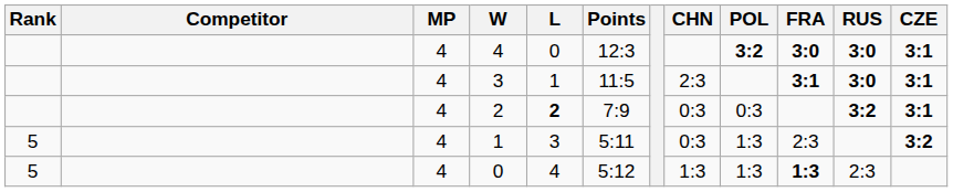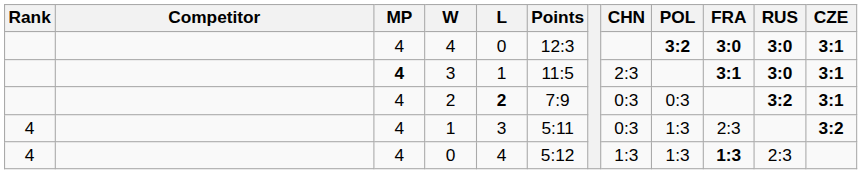 <table class="wikitable" style="text-align:center">
 <tr>
 <th>Rank</th>
 <th style="width:18em">Competitor</th>
 <th style="width:2.5em">MP</th>
 <th style="width:2.5em">W</th>
 <th style="width:2.5em">L</th>
 <th>Points</th>
 <th rowspan="6"> </th>
 <th style="width:2.5em">CHN</th>
 <th style="width:2.5em">POL</th>
 <th style="width:2.5em">FRA</th>
 <th style="width:2.5em">RUS</th>
 <th style="width:2.5em">CZE</th>
 </tr>
 <tr>
 <td></td>
 <td style="text-align:left"></td>
 <td>4</td>
 <td>4</td>
 <td>0</td>
 <td>12:3</td>
 <td></td>
 <td><strong>3:2</strong></td>
 <td><strong>3:0</strong></td>
 <td><strong>3:0</strong></td>
 <td><strong>3:1</strong></td>
 </tr>
 <tr>
 <td></td>
 <td style="text-align:left"></td>
-<td>4</td>
+<td><strong>4</strong></td>
 <td>3</td>
 <td>1</td>
 <td>11:5</td>
 <td>2:3</td>
 <td></td>
 <td><strong>3:1</strong></td>
 <td><strong>3:0</strong></td>
 <td><strong>3:1</strong></td>
 </tr>
 <tr>
 <td></td>
 <td style="text-align:left"></td>
 <td>4</td>
 <td>2</td>
 <td><strong>2</strong></td>
 <td>7:9</td>
 <td>0:3</td>
 <td>0:3</td>
 <td></td>
 <td><strong>3:2</strong></td>
 <td><strong>3:1</strong></td>
 </tr>
 <tr>
-<td>5</td>
+<td>4</td>
 <td style="text-align:left"></td>
 <td>4</td>
 <td>1</td>
 <td>3</td>
 <td>5:11</td>
 <td>0:3</td>
 <td>1:3</td>
 <td>2:3</td>
 <td></td>
 <td><strong>3:2</strong></td>
 </tr>
 <tr>
-<td>5</td>
+<td>4</td>
 <td style="text-align:left"></td>
 <td>4</td>
 <td>0</td>
 <td>4</td>
 <td>5:12</td>
 <td>1:3</td>
 <td>1:3</td>
 <td><strong>1:3</strong></td>
 <td>2:3</td>
 <td></td>
 </tr>
 </table>
